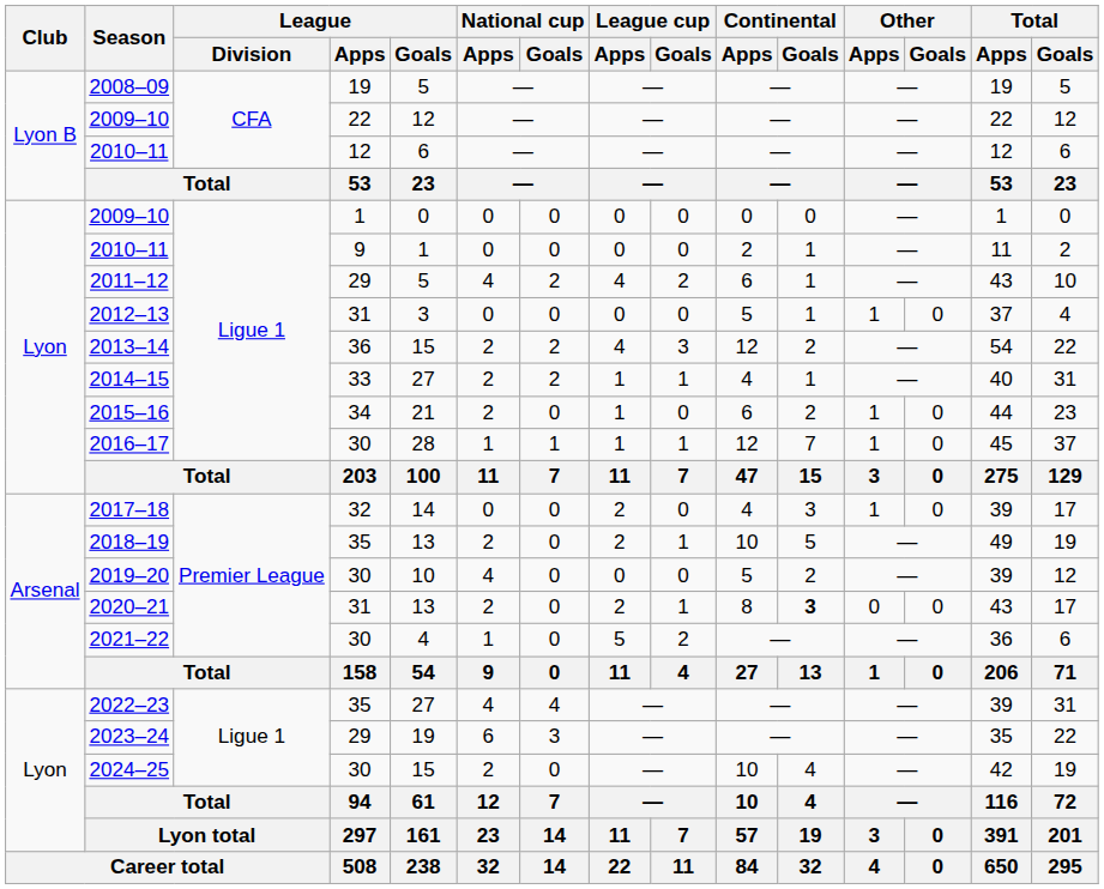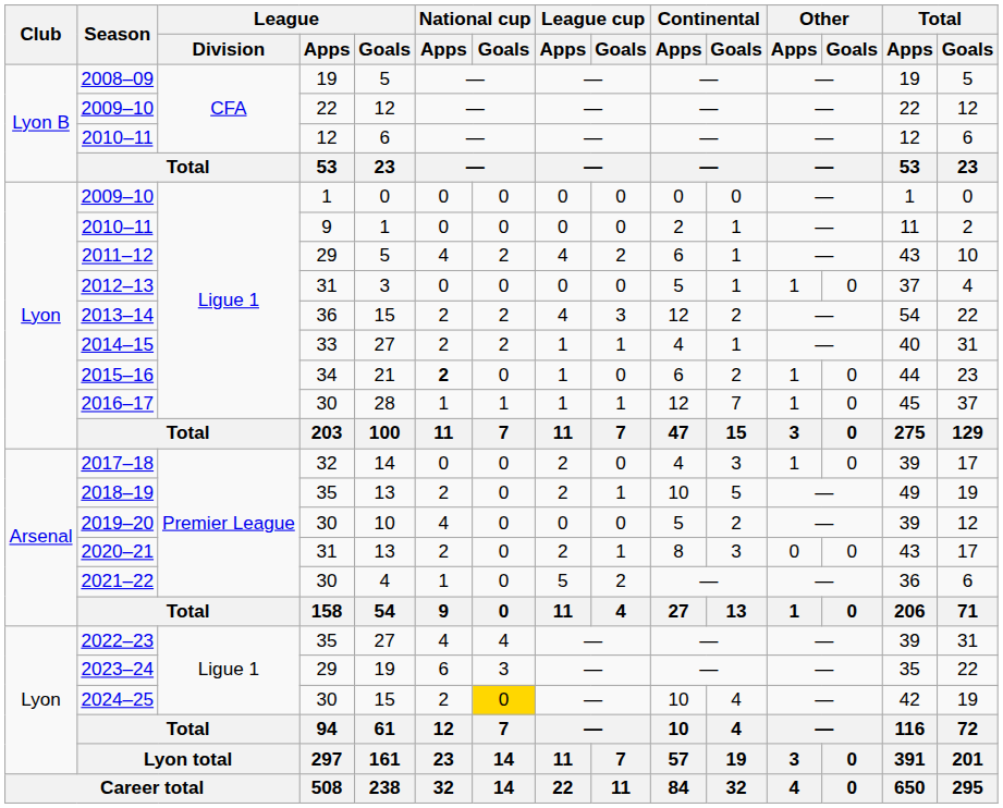 <table class=wikitable style="text-align: center;">
 <tr>
 <th rowspan="2">Club</th>
 <th rowspan="2">Season</th>
 <th colspan="3">League</th>
 <th colspan="2">National cup</th>
 <th colspan="2">League cup</th>
 <th colspan="2">Continental</th>
 <th colspan="2">Other</th>
 <th colspan="2">Total</th>
 </tr>
 <tr>
 <th>Division</th>
 <th>Apps</th>
 <th>Goals</th>
 <th>Apps</th>
 <th>Goals</th>
 <th>Apps</th>
 <th>Goals</th>
 <th>Apps</th>
 <th>Goals</th>
 <th>Apps</th>
 <th>Goals</th>
 <th>Apps</th>
 <th>Goals</th>
 </tr>
 <tr>
 <td rowspan="4"><a href='#'>Lyon B</a></td>
 <td><a href='#'>2008–09</a></td>
 <td rowspan="3"><a href='#'>CFA</a></td>
 <td>19</td>
 <td>5</td>
 <td colspan="2">—</td>
 <td colspan="2">—</td>
 <td colspan="2">—</td>
 <td colspan="2">—</td>
 <td>19</td>
 <td>5</td>
 </tr>
 <tr>
 <td><a href='#'>2009–10</a></td>
 <td>22</td>
 <td>12</td>
 <td colspan="2">—</td>
 <td colspan="2">—</td>
 <td colspan="2">—</td>
 <td colspan="2">—</td>
 <td>22</td>
 <td>12</td>
 </tr>
 <tr>
 <td><a href='#'>2010–11</a></td>
 <td>12</td>
 <td>6</td>
 <td colspan="2">—</td>
 <td colspan="2">—</td>
 <td colspan="2">—</td>
 <td colspan="2">—</td>
 <td>12</td>
 <td>6</td>
 </tr>
 <tr>
 <th colspan="2">Total</th>
 <th>53</th>
 <th>23</th>
 <th colspan="2">—</th>
 <th colspan="2">—</th>
 <th colspan="2">—</th>
 <th colspan="2">—</th>
 <th>53</th>
 <th>23</th>
 </tr>
 <tr>
 <td rowspan="9"><a href='#'>Lyon</a></td>
 <td><a href='#'>2009–10</a></td>
 <td rowspan="8"><a href='#'>Ligue 1</a></td>
 <td>1</td>
 <td>0</td>
 <td>0</td>
 <td>0</td>
 <td>0</td>
 <td>0</td>
 <td>0</td>
 <td>0</td>
 <td colspan="2">—</td>
 <td>1</td>
 <td>0</td>
 </tr>
 <tr>
 <td><a href='#'>2010–11</a></td>
 <td>9</td>
 <td>1</td>
 <td>0</td>
 <td>0</td>
 <td>0</td>
 <td>0</td>
 <td>2</td>
 <td>1</td>
 <td colspan="2">—</td>
 <td>11</td>
 <td>2</td>
 </tr>
 <tr>
 <td><a href='#'>2011–12</a></td>
 <td>29</td>
 <td>5</td>
 <td>4</td>
 <td>2</td>
 <td>4</td>
 <td>2</td>
 <td>6</td>
 <td>1</td>
 <td colspan="2">—</td>
 <td>43</td>
 <td>10</td>
 </tr>
 <tr>
 <td><a href='#'>2012–13</a></td>
 <td>31</td>
 <td>3</td>
 <td>0</td>
 <td>0</td>
 <td>0</td>
 <td>0</td>
 <td>5</td>
 <td>1</td>
 <td>1</td>
 <td>0</td>
 <td>37</td>
 <td>4</td>
 </tr>
 <tr>
 <td><a href='#'>2013–14</a></td>
 <td>36</td>
 <td>15</td>
 <td>2</td>
 <td>2</td>
 <td>4</td>
 <td>3</td>
 <td>12</td>
 <td>2</td>
 <td colspan="2">—</td>
 <td>54</td>
 <td>22</td>
 </tr>
 <tr>
 <td><a href='#'>2014–15</a></td>
 <td>33</td>
 <td>27</td>
 <td>2</td>
 <td>2</td>
 <td>1</td>
 <td>1</td>
 <td>4</td>
 <td>1</td>
 <td colspan="2">—</td>
 <td>40</td>
 <td>31</td>
 </tr>
 <tr>
 <td><a href='#'>2015–16</a></td>
 <td>34</td>
 <td>21</td>
-<td>2</td>
+<td><strong>2</strong></td>
 <td>0</td>
 <td>1</td>
 <td>0</td>
 <td>6</td>
 <td>2</td>
 <td>1</td>
 <td>0</td>
 <td>44</td>
 <td>23</td>
 </tr>
 <tr>
 <td><a href='#'>2016–17</a></td>
 <td>30</td>
 <td>28</td>
 <td>1</td>
 <td>1</td>
 <td>1</td>
 <td>1</td>
 <td>12</td>
 <td>7</td>
 <td>1</td>
 <td>0</td>
 <td>45</td>
 <td>37</td>
 </tr>
 <tr>
 <th colspan="2">Total</th>
 <th>203</th>
 <th>100</th>
 <th>11</th>
 <th>7</th>
 <th>11</th>
 <th>7</th>
 <th>47</th>
 <th>15</th>
 <th>3</th>
 <th>0</th>
 <th>275</th>
 <th>129</th>
 </tr>
 <tr>
 <td rowspan="6"><a href='#'>Arsenal</a></td>
 <td><a href='#'>2017–18</a></td>
 <td rowspan="5"><a href='#'>Premier League</a></td>
 <td>32</td>
 <td>14</td>
 <td>0</td>
 <td>0</td>
 <td>2</td>
 <td>0</td>
 <td>4</td>
 <td>3</td>
 <td>1</td>
 <td>0</td>
 <td>39</td>
 <td>17</td>
 </tr>
 <tr>
 <td><a href='#'>2018–19</a></td>
 <td>35</td>
 <td>13</td>
 <td>2</td>
 <td>0</td>
 <td>2</td>
 <td>1</td>
 <td>10</td>
 <td>5</td>
 <td colspan="2">—</td>
 <td>49</td>
 <td>19</td>
 </tr>
 <tr>
 <td><a href='#'>2019–20</a></td>
 <td>30</td>
 <td>10</td>
 <td>4</td>
 <td>0</td>
 <td>0</td>
 <td>0</td>
 <td>5</td>
 <td>2</td>
 <td colspan="2">—</td>
 <td>39</td>
 <td>12</td>
 </tr>
 <tr>
 <td><a href='#'>2020–21</a></td>
 <td>31</td>
 <td>13</td>
 <td>2</td>
 <td>0</td>
 <td>2</td>
 <td>1</td>
 <td>8</td>
-<td><strong>3</strong></td>
+<td>3</td>
 <td>0</td>
 <td>0</td>
 <td>43</td>
 <td>17</td>
 </tr>
 <tr>
 <td><a href='#'>2021–22</a></td>
 <td>30</td>
 <td>4</td>
 <td>1</td>
 <td>0</td>
 <td>5</td>
 <td>2</td>
 <td colspan="2">—</td>
 <td colspan="2">—</td>
 <td>36</td>
 <td>6</td>
 </tr>
 <tr>
 <th colspan="2">Total</th>
 <th>158</th>
 <th>54</th>
 <th>9</th>
 <th>0</th>
 <th>11</th>
 <th>4</th>
 <th>27</th>
 <th>13</th>
 <th>1</th>
 <th>0</th>
 <th>206</th>
 <th>71</th>
 </tr>
 <tr>
 <td rowspan="5">Lyon</td>
 <td><a href='#'>2022–23</a></td>
 <td rowspan="3">Ligue 1</td>
 <td>35</td>
 <td>27</td>
 <td>4</td>
 <td>4</td>
 <td colspan="2">—</td>
 <td colspan="2">—</td>
 <td colspan="2">—</td>
 <td>39</td>
 <td>31</td>
 </tr>
 <tr>
 <td><a href='#'>2023–24</a></td>
 <td>29</td>
 <td>19</td>
 <td>6</td>
 <td>3</td>
 <td colspan="2">—</td>
 <td colspan="2">—</td>
 <td colspan="2">—</td>
 <td>35</td>
 <td>22</td>
 </tr>
 <tr>
 <td><a href='#'>2024–25</a></td>
 <td>30</td>
 <td>15</td>
 <td>2</td>
-<td>0</td>
+<td style="background: gold;">0</td>
 <td colspan="2">—</td>
 <td>10</td>
 <td>4</td>
 <td colspan="2">—</td>
 <td>42</td>
 <td>19</td>
 </tr>
 <tr>
 <th colspan="2">Total</th>
 <th>94</th>
 <th>61</th>
 <th>12</th>
 <th>7</th>
 <th colspan="2">—</th>
 <th>10</th>
 <th>4</th>
 <th colspan="2">—</th>
 <th>116</th>
 <th>72</th>
 </tr>
 <tr>
 <th colspan="2">Lyon total</th>
 <th>297</th>
 <th>161</th>
 <th>23</th>
 <th>14</th>
 <th>11</th>
 <th>7</th>
 <th>57</th>
 <th>19</th>
 <th>3</th>
 <th>0</th>
 <th>391</th>
 <th>201</th>
 </tr>
 <tr>
 <th colspan="3">Career total</th>
 <th>508</th>
 <th>238</th>
 <th>32</th>
 <th>14</th>
 <th>22</th>
 <th>11</th>
 <th>84</th>
 <th>32</th>
 <th>4</th>
 <th>0</th>
 <th>650</th>
 <th>295</th>
 </tr>
 </table>
